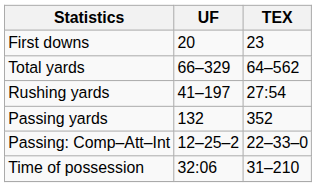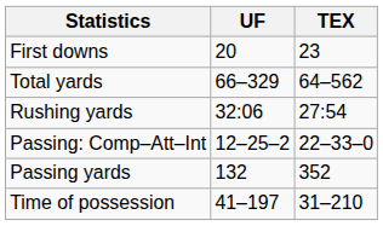 <table class="wikitable" style="float: left;">
 <tr>
 <th>Statistics</th>
 <th>UF</th>
 <th>TEX</th>
 </tr>
 <tr>
 <td>First downs</td>
 <td>20</td>
 <td>23</td>
 </tr>
 <tr>
 <td>Total yards</td>
 <td>66–329</td>
 <td>64–562</td>
 </tr>
 <tr>
 <td>Rushing yards</td>
-<td>41–197</td>
+<td>32:06</td>
 <td>27:54</td>
+</tr>
+<tr>
+<td>Passing: Comp–Att–Int</td>
+<td>12–25–2</td>
+<td>22–33–0</td>
 </tr>
 <tr>
 <td>Passing yards</td>
 <td>132</td>
 <td>352</td>
 </tr>
 <tr>
-<td>Passing: Comp–Att–Int</td>
-<td>12–25–2</td>
-<td>22–33–0</td>
-</tr>
-<tr>
 <td>Time of possession</td>
-<td>32:06</td>
+<td>41–197</td>
 <td>31–210</td>
 </tr>
 <tr>
 </tr>
 </table>
